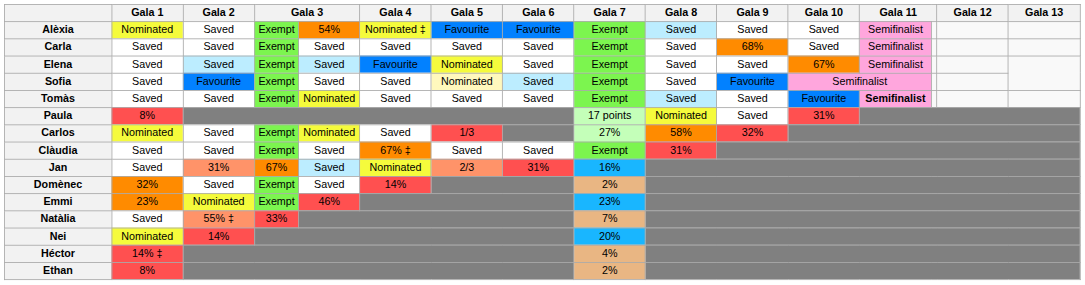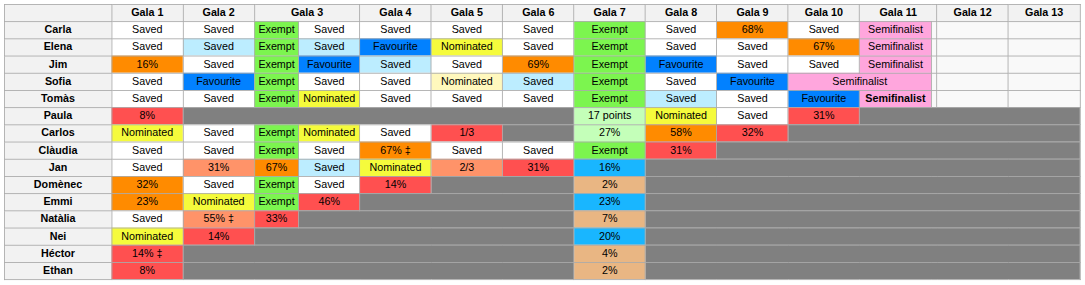 <table class="wikitable mw-collapsible" role="presentation" style="font-size:78%;" width:98; text-align:center; margin-left: auto; margin-right: auto">
 <tr>
 <th style="width:9%"></th>
 <th style="width:6%">Gala 1</th>
 <th style="width:6%">Gala 2</th>
 <th colspan=2 style="width:6%">Gala 3</th>
 <th style="width:6%">Gala 4</th>
 <th style="width:6%">Gala 5</th>
 <th style="width:6%">Gala 6</th>
 <th style="width:6%">Gala 7</th>
 <th style="width:6%">Gala 8</th>
 <th style="width:6%">Gala 9</th>
 <th style="width:6%">Gala 10</th>
 <th colspan=2 style="width:6%">Gala 11</th>
 <th style="width:6%">Gala 12</th>
 <th style="width:6%">Gala 13</th>
-</tr>
-<tr>
-<th>Alèxia</th>
-<td style="background:#F5FB3C; text-align:center">Nominated</td>
-<td style="background:#FFFFFF; text-align:center">Saved</td>
-<td style="background:#7CF54F; text-align:center">Exempt</td>
-<td style="background:#FF8B00; text-align:center">54%</td>
-<td style="background:#F5FB3C; text-align:center">Nominated ‡</td>
-<td style="background:#0281FF; text-align:center">Favourite</td>
-<td style="background:#0281FF; text-align:center">Favourite</td>
-<td style="background:#7CF54F; text-align:center">Exempt</td>
-<td style="background:#BCEDFF; text-align:center">Saved</td>
-<td style="background:#FFFFFF; text-align:center">Saved</td>
-<td style="background:#FFFFFF; text-align:center">Saved</td>
-<td style="background:#FFA6DD; text-align:center">Semifinalist</td>
-<td></td>
-<td></td>
-<td></td>
 </tr>
 <tr>
 <th>Carla</th>
 <td style="background:#FFFFFF; text-align:center">Saved</td>
 <td style="background:#FFFFFF; text-align:center">Saved</td>
 <td style="background:#7CF54F; text-align:center">Exempt</td>
 <td style="background:#FFFFFF; text-align:center">Saved</td>
 <td style="background:#FFFFFF; text-align:center">Saved</td>
 <td style="background:#FFFFFF; text-align:center">Saved</td>
 <td style="background:#FFFFFF; text-align:center">Saved</td>
 <td style="background:#7CF54F; text-align:center">Exempt</td>
 <td style="background:#FFFFFF; text-align:center">Saved</td>
 <td style="background:#FF8B00; text-align:center">68%</td>
 <td style="background:#FFFFFF; text-align:center">Saved</td>
 <td style="background:#FFA6DD; text-align:center">Semifinalist</td>
 <td></td>
 <td></td>
 <td></td>
 </tr>
 <tr>
 <th>Elena</th>
 <td style="background:#FFFFFF; text-align:center">Saved</td>
 <td style="background:#BCEDFF; text-align:center">Saved</td>
 <td style="background:#7CF54F; text-align:center">Exempt</td>
 <td style="background:#BCEDFF; text-align:center">Saved</td>
 <td style="background:#0281FF; text-align:center">Favourite</td>
 <td style="background:#F5FB3C; text-align:center">Nominated</td>
 <td style="background:#FFFFFF; text-align:center">Saved</td>
 <td style="background:#7CF54F; text-align:center">Exempt</td>
 <td style="background:#FFFFFF; text-align:center">Saved</td>
 <td style="background:#FFFFFF; text-align:center">Saved</td>
 <td style="background:#FF8B00; text-align:center">67%</td>
 <td style="background:#FFA6DD; text-align:center">Semifinalist</td>
+<td></td>
+<td></td>
+</tr>
+<tr>
+<th>Jim</th>
+<td style="background:#FF8B00; text-align:center">16%</td>
+<td style="background:#FFFFFF; text-align:center">Saved</td>
+<td style="background:#7CF54F; text-align:center">Exempt</td>
+<td style="background:#0281FF; text-align:center">Favourite</td>
+<td style="background:#BCEDFF; text-align:center">Saved</td>
+<td style="background:#FFFFFF; text-align:center">Saved</td>
+<td style="background:#FF8B00; text-align:center">69%</td>
+<td style="background:#7CF54F; text-align:center">Exempt</td>
+<td style="background:#0281FF; text-align:center">Favourite</td>
+<td style="background:#FFFFFF; text-align:center">Saved</td>
+<td style="background:#FFFFFF; text-align:center">Saved</td>
+<td style="background:#FFA6DD; text-align:center">Semifinalist</td>
+<td></td>
 <td></td>
 <td></td>
 </tr>
 <tr>
 <th>Sofia</th>
 <td style="background:#FFFFFF; text-align:center">Saved</td>
 <td style="background:#0281FF; text-align:center">Favourite</td>
 <td style="background:#7CF54F; text-align:center">Exempt</td>
 <td style="background:#FFFFFF; text-align:center">Saved</td>
 <td style="background:#FFFFFF; text-align:center">Saved</td>
 <td style="background:#FFF8BD; text-align:center">Nominated</td>
 <td style="background:#BCEDFF; text-align:center">Saved</td>
 <td style="background:#7CF54F; text-align:center">Exempt</td>
 <td style="background:#FFFFFF; text-align:center">Saved</td>
 <td style="background:#0281FF; text-align:center">Favourite</td>
 <td colspan=2 style="background:#FFA6DD; text-align:center">Semifinalist</td>
 <td></td>
 <td></td>
 </tr>
 <tr>
 <th>Tomàs</th>
 <td style="background:#FFFFFF; text-align:center">Saved</td>
 <td style="background:#FFFFFF; text-align:center">Saved</td>
 <td style="background:#7CF54F; text-align:center">Exempt</td>
 <td style="background:#F5FB3C; text-align:center">Nominated</td>
 <td style="background:#FFFFFF; text-align:center">Saved</td>
 <td style="background:#FFFFFF; text-align:center">Saved</td>
 <td style="background:#FFFFFF; text-align:center">Saved</td>
 <td style="background:#7CF54F; text-align:center">Exempt</td>
 <td style="background:#BCEDFF; text-align:center">Saved</td>
 <td style="background:#FFFFFF; text-align:center">Saved</td>
 <td style="background:#0281FF; text-align:center">Favourite</td>
 <td style="background:#FFA6DD; text-align:center"><strong>Semifinalist</strong></td>
 <td></td>
 <td></td>
 <td></td>
 </tr>
 <tr>
 <th>Paula</th>
 <td style="background:#FF5050; text-align:center">8%</td>
 <td colspan=6 style="background:gray"></td>
 <td style="background:#C4FFB9; text-align:center">17 points</td>
 <td style="background:#F5FB3C; text-align:center">Nominated</td>
 <td style="background:#FFFFFF; text-align:center">Saved</td>
 <td style="background:#FF5050; text-align:center">31%</td>
 <td colspan=4 style="background:gray"></td>
 </tr>
 <tr>
 <th>Carlos</th>
 <td style="background:#F5FB3C; text-align:center">Nominated</td>
 <td style="background:#FFFFFF; text-align:center">Saved</td>
 <td style="background:#7CF54F; text-align:center">Exempt</td>
 <td style="background:#F5FB3C; text-align:center">Nominated</td>
 <td style="background:#FFFFFF; text-align:center">Saved</td>
 <td style="background:#FF5050; text-align:center">1/3</td>
 <td style="background:gray"></td>
 <td style="background:#C4FFB9; text-align:center">27%</td>
 <td style="background:#FF8B00; text-align:center">58%</td>
 <td style="background:#FF5050; text-align:center">32%</td>
 <td colspan=5 style="background:gray"></td>
 </tr>
 <tr>
 <th>Clàudia</th>
 <td style="background:#FFFFFF; text-align:center">Saved</td>
 <td style="background:#FFFFFF; text-align:center">Saved</td>
 <td style="background:#7CF54F; text-align:center">Exempt</td>
 <td style="background:#FFFFFF; text-align:center">Saved</td>
 <td style="background:#FF8B00; text-align:center">67% ‡</td>
 <td style="background:#FFFFFF; text-align:center">Saved</td>
 <td style="background:#FFFFFF; text-align:center">Saved</td>
 <td style="background:#7CF54F; text-align:center">Exempt</td>
 <td style="background:#FF5050; text-align:center">31%</td>
 <td colspan=6 style="background:gray"></td>
 </tr>
 <tr>
 <th>Jan</th>
 <td style="background:#FFFFFF; text-align:center">Saved</td>
 <td style="background:#ff9369; text-align:center">31%</td>
 <td style="background:#FF8B00; text-align:center">67%</td>
 <td style="background:#BCEDFF; text-align:center">Saved</td>
 <td style="background:#F5FB3C; text-align:center">Nominated</td>
 <td style="background:#ff9369; text-align:center">2/3</td>
 <td style="background:#FF5050; text-align:center">31%</td>
 <td style="background:#19B6FF; text-align:center">16%</td>
 <td colspan=7 style="background:gray"></td>
 </tr>
 <tr>
 <th>Domènec</th>
 <td style="background:#FF8B00; text-align:center">32%</td>
 <td style="background:#FFFFFF; text-align:center">Saved</td>
 <td style="background:#7CF54F; text-align:center">Exempt</td>
 <td style="background:#FFFFFF; text-align:center">Saved</td>
 <td style="background:#FF5050; text-align:center">14%</td>
 <td colspan=2 style="background:gray"></td>
 <td style="background:#E9B683; text-align:center">2%</td>
 <td colspan=7 style="background:gray"></td>
 </tr>
 <tr>
 <th>Emmi</th>
 <td style="background:#FF8B00; text-align:center">23%</td>
 <td style="background:#F5FB3C; text-align:center">Nominated</td>
 <td style="background:#7CF54F; text-align:center">Exempt</td>
 <td style="background:#FF5050; text-align:center">46%</td>
 <td colspan=3 style="background:gray"></td>
 <td style="background:#19B6FF; text-align:center">23%</td>
 <td colspan=7 style="background:gray"></td>
 </tr>
 <tr>
 <th>Natàlia</th>
 <td style="background:#FFFFFF; text-align:center">Saved</td>
 <td style="background:#ff9369; text-align:center">55% ‡</td>
 <td style="background:#FF5050; text-align:center">33%</td>
 <td colspan=4 style="background:gray"></td>
 <td style="background:#E9B683; text-align:center">7%</td>
 <td colspan=7 style="background:gray"></td>
 </tr>
 <tr>
 <th>Nei</th>
 <td style="background:#F5FB3C; text-align:center">Nominated</td>
 <td style="background:#FF5050; text-align:center">14%</td>
 <td colspan=5 style="background:gray"></td>
 <td style="background:#19B6FF; text-align:center">20%</td>
 <td colspan=7 style="background:gray"></td>
 </tr>
 <tr>
 <th>Héctor</th>
 <td style="background:#FF5050; text-align:center">14% ‡</td>
 <td colspan=6 style="background:gray"></td>
 <td style="background:#E9B683; text-align:center">4%</td>
 <td colspan=7 style="background:gray"></td>
 </tr>
 <tr>
 <th>Ethan</th>
 <td style="background:#FF5050; text-align:center">8%</td>
 <td colspan=6 style="background:gray"></td>
 <td style="background:#E9B683; text-align:center">2%</td>
 <td colspan=7 style="background:gray"></td>
 </tr>
 </table>
